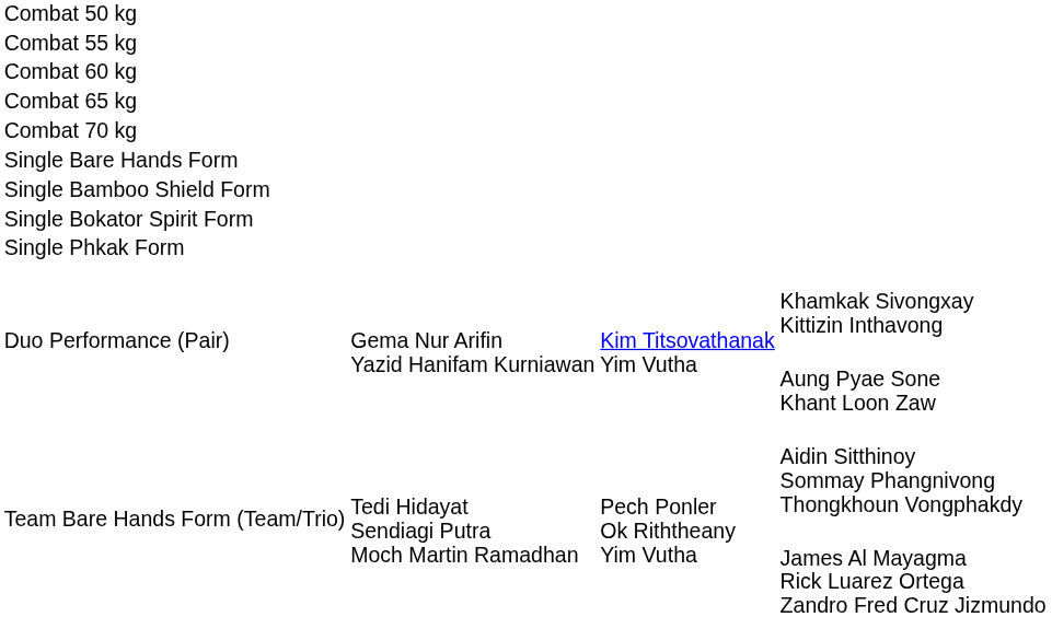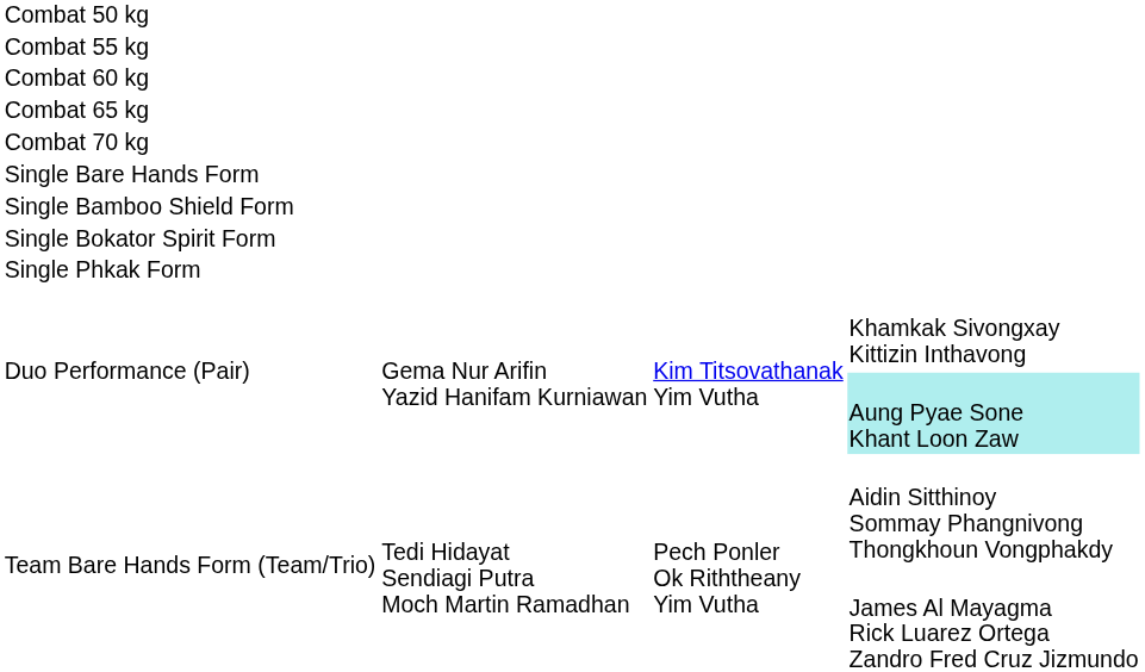 <table>
 <tr>
 <td rowspan=2>Combat 50 kg</td>
 <td rowspan=2></td>
 <td rowspan=2></td>
 <td></td>
 </tr>
 <tr>
 <td></td>
 </tr>
 <tr>
 <td rowspan=2>Combat 55 kg</td>
 <td rowspan=2></td>
 <td rowspan=2></td>
 <td></td>
 </tr>
 <tr>
 <td></td>
 </tr>
 <tr>
 <td rowspan=2>Combat 60 kg</td>
 <td rowspan=2></td>
 <td rowspan=2></td>
 <td></td>
 </tr>
 <tr>
 <td></td>
 </tr>
 <tr>
 <td rowspan=2>Combat 65 kg</td>
 <td rowspan=2></td>
 <td rowspan=2></td>
 <td></td>
 </tr>
 <tr>
 <td></td>
 </tr>
 <tr>
 <td rowspan=2>Combat 70 kg</td>
 <td rowspan=2></td>
 <td rowspan=2></td>
 <td></td>
 </tr>
 <tr>
 <td></td>
 </tr>
 <tr>
 <td rowspan=2>Single Bare Hands Form</td>
 <td rowspan=2></td>
 <td rowspan=2></td>
 <td></td>
 </tr>
 <tr>
 <td></td>
 </tr>
 <tr>
 <td rowspan=2>Single Bamboo Shield Form</td>
 <td rowspan=2></td>
 <td rowspan=2></td>
 <td></td>
 </tr>
 <tr>
 <td></td>
 </tr>
 <tr>
 <td rowspan=2>Single Bokator Spirit Form</td>
 <td rowspan=2></td>
 <td rowspan=2></td>
 <td></td>
 </tr>
 <tr>
 <td></td>
 </tr>
 <tr>
 <td rowspan=2>Single Phkak Form</td>
 <td rowspan=2></td>
 <td rowspan=2></td>
 <td></td>
 </tr>
 <tr>
 <td></td>
 </tr>
 <tr>
 <td rowspan=2>Duo Performance (Pair)</td>
 <td rowspan=2><br>Gema Nur Arifin<br>Yazid Hanifam Kurniawan</td>
 <td rowspan=2><br><a href='#'>Kim Titsovathanak</a><br>Yim Vutha</td>
 <td><br>Khamkak Sivongxay<br>Kittizin Inthavong</td>
 </tr>
 <tr>
-<td><br>Aung Pyae Sone<br>Khant Loon Zaw</td>
+<td style="background: paleturquoise;"><br>Aung Pyae Sone<br>Khant Loon Zaw</td>
 </tr>
 <tr>
 <td rowspan=2>Team Bare Hands Form (Team/Trio)</td>
 <td rowspan=2><br>Tedi Hidayat<br>Sendiagi Putra<br>Moch Martin Ramadhan</td>
 <td rowspan=2><br>Pech Ponler<br>Ok Riththeany<br>Yim Vutha</td>
 <td><br>Aidin Sitthinoy<br>Sommay Phangnivong<br>Thongkhoun Vongphakdy</td>
 </tr>
 <tr>
 <td><br>James Al Mayagma<br>Rick Luarez Ortega<br>Zandro Fred Cruz Jizmundo</td>
 </tr>
 </table>
